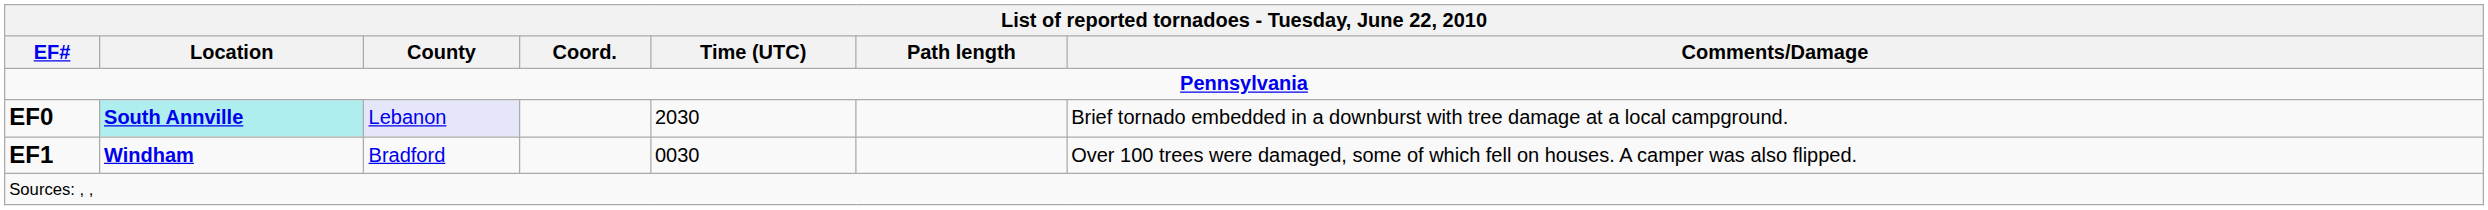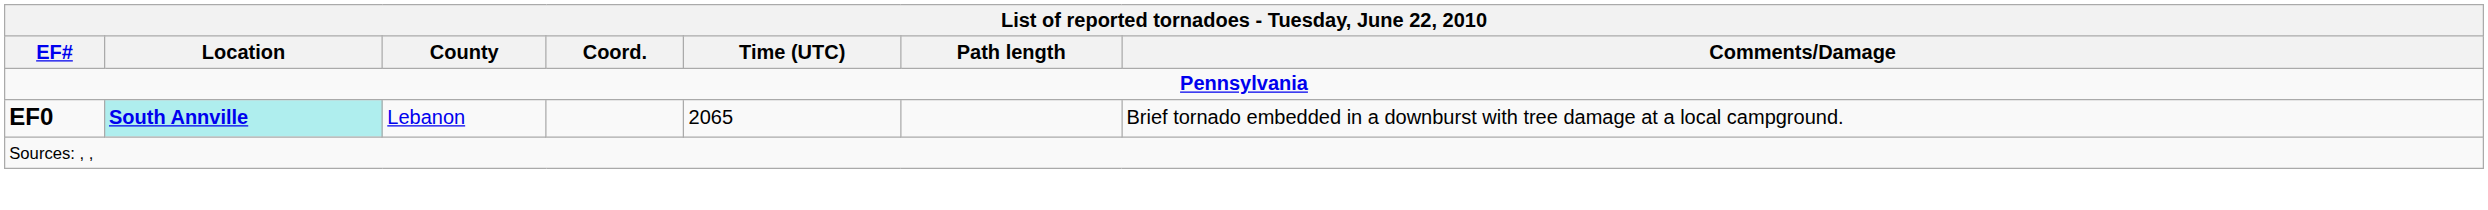 <table class="wikitable collapsible" width="100%">
 <tr>
 <th colspan="7">List of reported tornadoes - Tuesday, June 22, 2010</th>
 </tr>
 <tr>
 <th><a href='#'>EF#</a></th>
 <th>Location</th>
 <th>County</th>
 <th>Coord.</th>
 <th>Time (UTC)</th>
 <th>Path length</th>
 <th>Comments/Damage</th>
 </tr>
 <tr>
 <td colspan="7" align=center><strong><a href='#'>Pennsylvania</a></strong></td>
 </tr>
 <tr>
 <td><big><strong>EF0</strong></big></td>
 <td style="background: paleturquoise;"><strong><a href='#'>South Annville</a></strong></td>
-<td style="background: lavender;"><a href='#'>Lebanon</a></td>
+<td><a href='#'>Lebanon</a></td>
 <td></td>
-<td>2030</td>
+<td>2065</td>
 <td></td>
 <td>Brief tornado embedded in a downburst with tree damage at a local campground.</td>
-</tr>
-<tr>
-<td><big><strong>EF1</strong></big></td>
-<td><strong><a href='#'>Windham</a></strong></td>
-<td><a href='#'>Bradford</a></td>
-<td></td>
-<td>0030</td>
-<td></td>
-<td>Over 100 trees were damaged, some of which fell on houses. A camper was also flipped.</td>
 </tr>
 <tr>
 <td colspan="7"><small>Sources: , , </small></td>
 </tr>
 </table>
